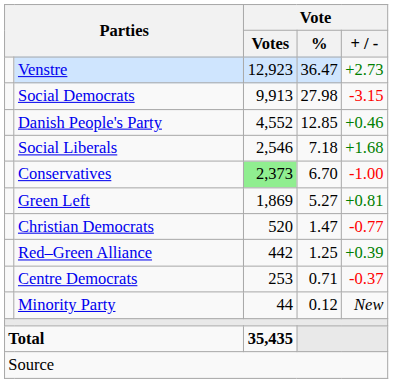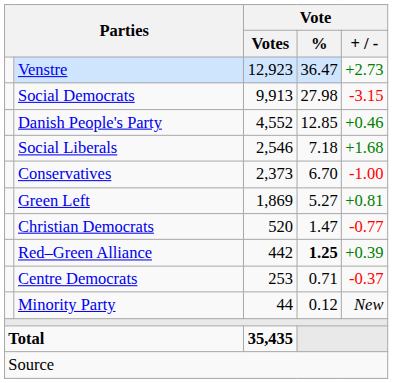 <table class="wikitable" style="text-align:right;">
 <tr>
 <th style="text-align:centre;" rowspan="2" colspan="2" width="225">Parties</th>
 <th colspan="3">Vote</th>
 </tr>
 <tr>
 <th width="15">Votes</th>
 <th width="15">%</th>
 <th width="15">+ / -</th>
 </tr>
 <tr>
 <td width="2" style="color:inherit;background:"></td>
 <td bgcolor=#cfe5fe  align="left"><a href='#'>Venstre</a></td>
 <td bgcolor=#cfe5fe>12,923</td>
 <td bgcolor=#cfe5fe>36.47</td>
 <td style=color:green;>+2.73</td>
 </tr>
 <tr>
 <td width="2" style="color:inherit;background:"></td>
 <td align="left"><a href='#'>Social Democrats</a></td>
 <td>9,913</td>
 <td>27.98</td>
 <td style=color:red;>-3.15</td>
 </tr>
 <tr>
 <td width="2" style="color:inherit;background:"></td>
 <td align="left"><a href='#'>Danish People's Party</a></td>
 <td>4,552</td>
 <td>12.85</td>
 <td style=color:green;>+0.46</td>
 </tr>
 <tr>
 <td width="2" style="color:inherit;background:"></td>
 <td align="left"><a href='#'>Social Liberals</a></td>
 <td>2,546</td>
 <td>7.18</td>
 <td style=color:green;>+1.68</td>
 </tr>
 <tr>
 <td width="2" style="color:inherit;background:"></td>
 <td align="left"><a href='#'>Conservatives</a></td>
-<td style="background: lightgreen;">2,373</td>
+<td>2,373</td>
 <td>6.70</td>
 <td style=color:red;>-1.00</td>
 </tr>
 <tr>
 <td width="2" style="color:inherit;background:"></td>
 <td align="left"><a href='#'>Green Left</a></td>
 <td>1,869</td>
 <td>5.27</td>
 <td style=color:green;>+0.81</td>
 </tr>
 <tr>
 <td width="2" style="color:inherit;background:"></td>
 <td align="left"><a href='#'>Christian Democrats</a></td>
 <td>520</td>
 <td>1.47</td>
 <td style=color:red;>-0.77</td>
 </tr>
 <tr>
 <td width="2" style="color:inherit;background:"></td>
 <td align="left"><a href='#'>Red–Green Alliance</a></td>
 <td>442</td>
-<td>1.25</td>
+<td><strong>1.25</strong></td>
 <td style=color:green;>+0.39</td>
 </tr>
 <tr>
 <td width="2" style="color:inherit;background:"></td>
 <td align="left"><a href='#'>Centre Democrats</a></td>
 <td>253</td>
 <td>0.71</td>
 <td style=color:red;>-0.37</td>
 </tr>
 <tr>
 <td width="2" style="color:inherit;background:"></td>
 <td align="left"><a href='#'>Minority Party</a></td>
 <td>44</td>
 <td>0.12</td>
 <td><em>New</em></td>
 </tr>
 <tr>
 <td colspan="7" bgcolor="#E9E9E9"></td>
 </tr>
 <tr>
 <td align="left" colspan="2"><strong>Total</strong></td>
 <td><strong>35,435</strong></td>
 <td bgcolor="#E9E9E9" colspan="2"></td>
 </tr>
 <tr>
 <td align="left" colspan="6">Source</td>
 </tr>
 </table>
